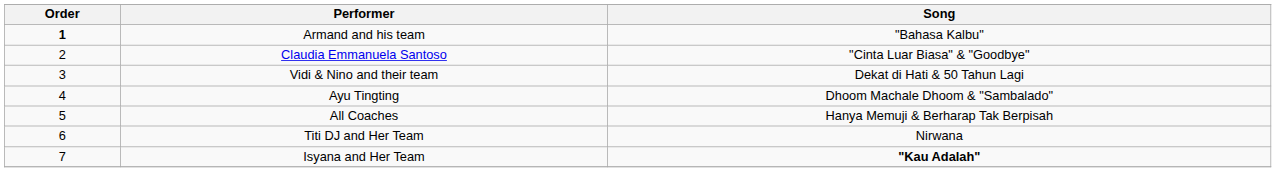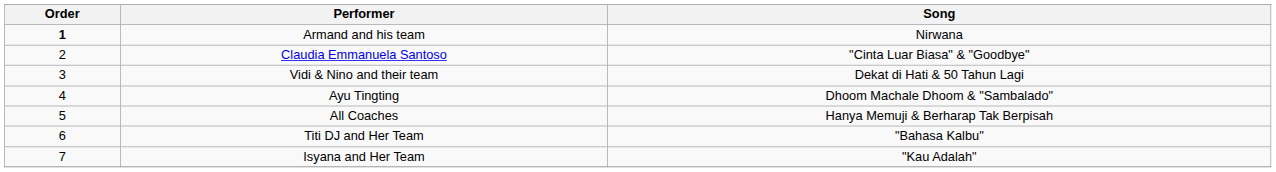 <table class="wikitable" style="text-align:center; width:100%;">
 <tr>
 </tr>
 <tr>
 <th>Order</th>
 <th>Performer</th>
 <th>Song</th>
 </tr>
 <tr>
 <td><strong>1</strong></td>
 <td>Armand and his team <br></td>
-<td>"Bahasa Kalbu"</td>
+<td>Nirwana</td>
 </tr>
 <tr>
 <td>2</td>
 <td><a href='#'>Claudia Emmanuela Santoso</a></td>
 <td>"Cinta Luar Biasa" & "Goodbye"</td>
 </tr>
 <tr>
 <td>3</td>
 <td>Vidi & Nino and their team <br></td>
 <td>Dekat di Hati & 50 Tahun Lagi</td>
 </tr>
 <tr>
 <td>4</td>
 <td>Ayu Tingting</td>
 <td>Dhoom Machale Dhoom & "Sambalado"</td>
 </tr>
 <tr>
 <td>5</td>
 <td>All Coaches</td>
 <td>Hanya Memuji & Berharap Tak Berpisah</td>
 </tr>
 <tr>
 <td>6</td>
 <td>Titi DJ and Her Team <br></td>
-<td>Nirwana</td>
+<td>"Bahasa Kalbu"</td>
 </tr>
 <tr>
 <td>7</td>
 <td>Isyana and Her Team <br></td>
-<td><strong>"Kau Adalah"</strong></td>
+<td>"Kau Adalah"</td>
 </tr>
 <tr>
 </tr>
 </table>
